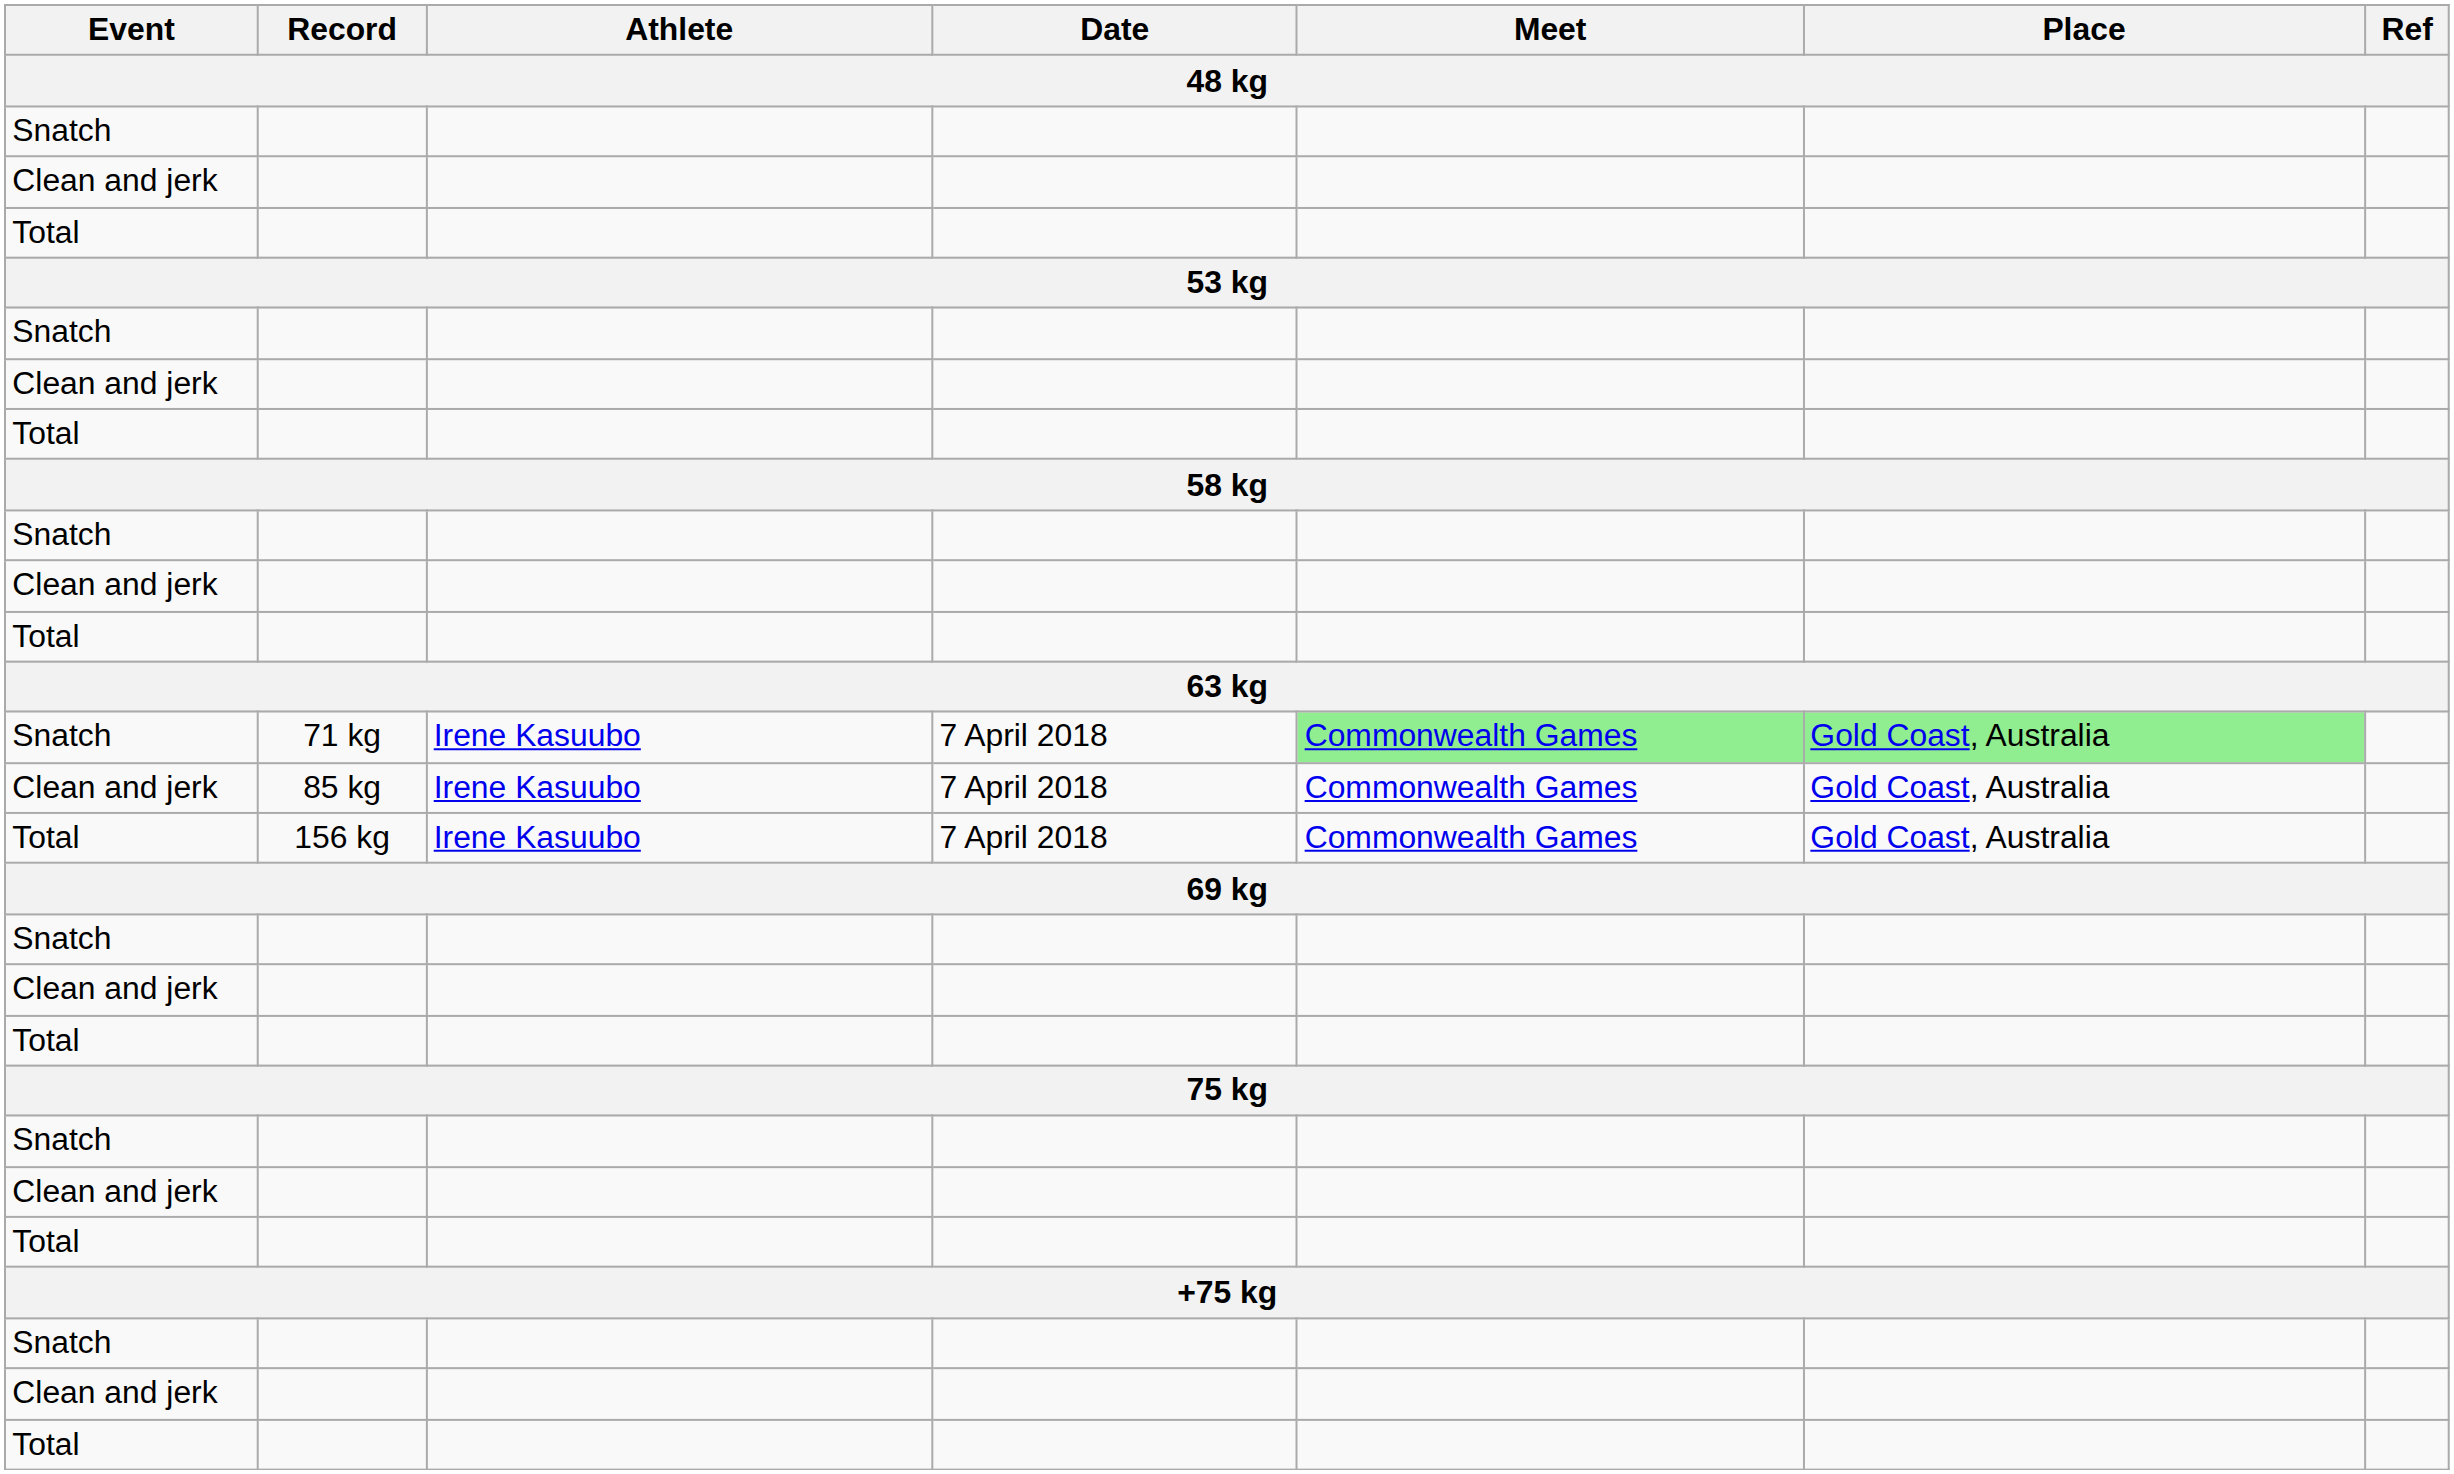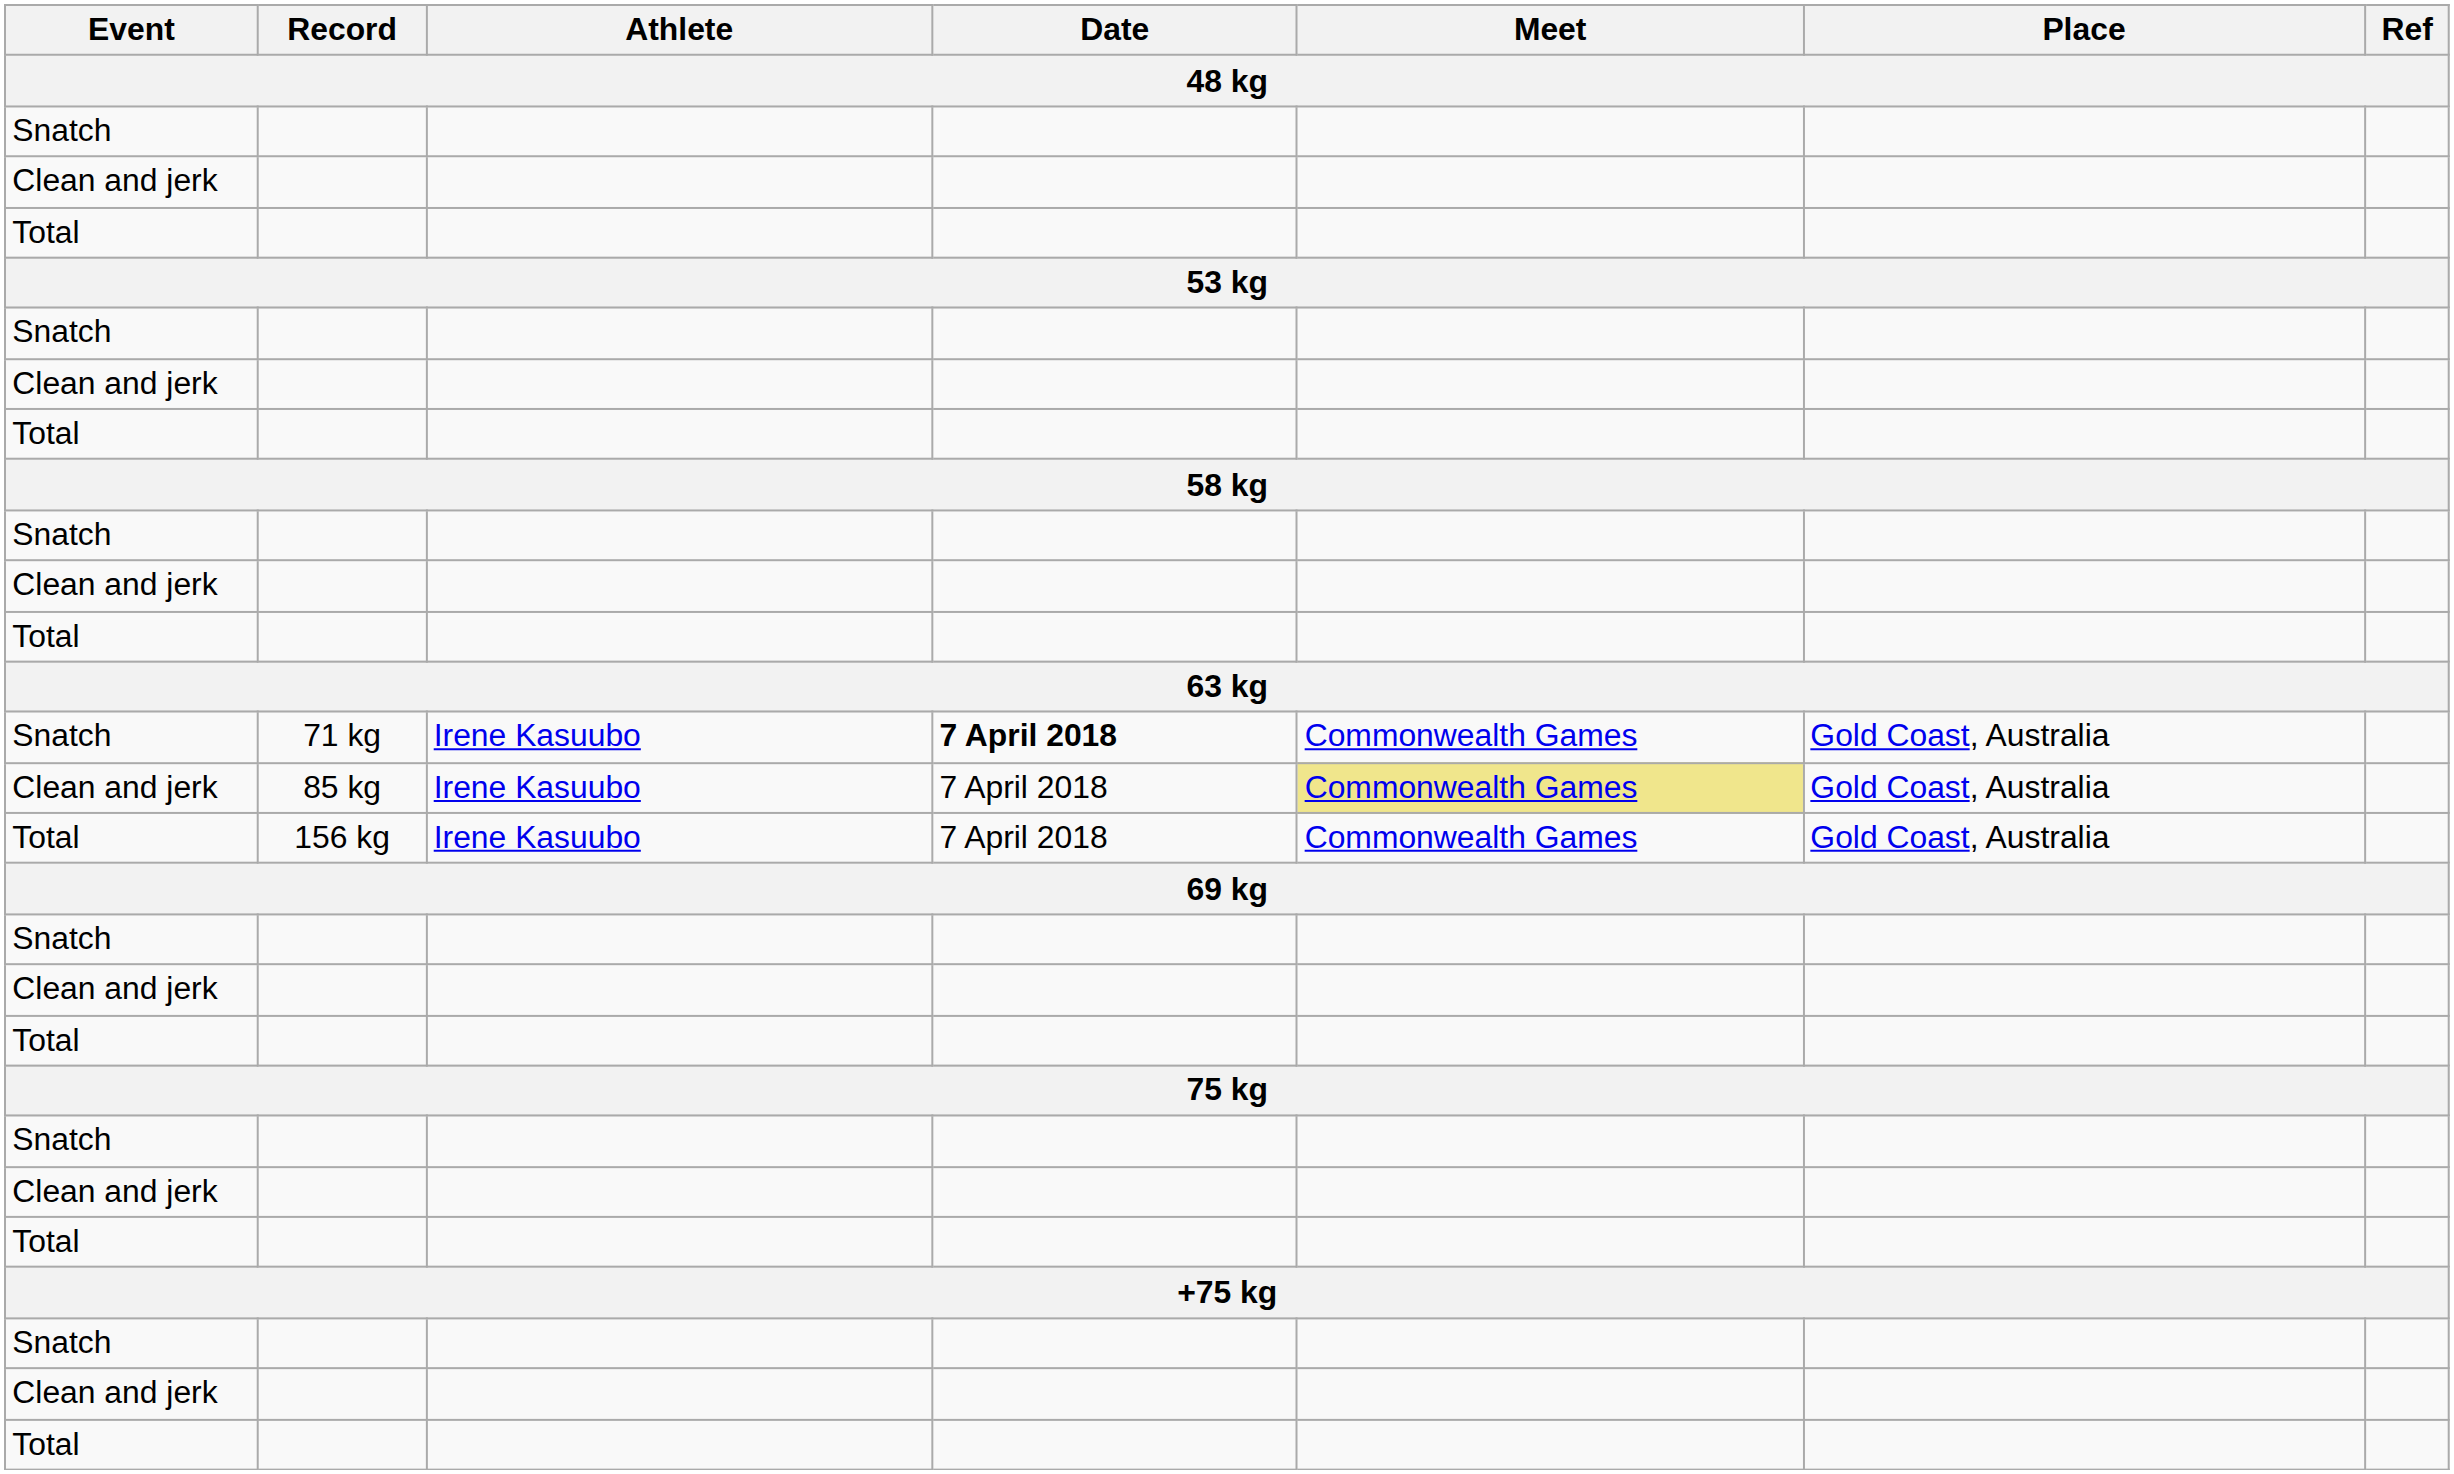 <table class="wikitable">
 <tr>
 <th width=9%>Event</th>
 <th width=6%>Record</th>
 <th width=18%>Athlete</th>
 <th width=13%>Date</th>
 <th width=18%>Meet</th>
 <th width=20%>Place</th>
 <th width=3%>Ref</th>
 </tr>
 <tr bgcolor="#DDDDDD">
 <th colspan="8">48 kg</th>
 </tr>
 <tr>
 <td>Snatch</td>
 <td></td>
 <td></td>
 <td></td>
 <td></td>
 <td></td>
 <td></td>
 </tr>
 <tr>
 <td>Clean and jerk</td>
 <td></td>
 <td></td>
 <td></td>
 <td></td>
 <td></td>
 <td></td>
 </tr>
 <tr>
 <td>Total</td>
 <td></td>
 <td></td>
 <td></td>
 <td></td>
 <td></td>
 <td></td>
 </tr>
 <tr bgcolor="#DDDDDD">
 <th colspan="8">53 kg</th>
 </tr>
 <tr>
 <td>Snatch</td>
 <td></td>
 <td></td>
 <td></td>
 <td></td>
 <td></td>
 <td></td>
 </tr>
 <tr>
 <td>Clean and jerk</td>
 <td align="center"></td>
 <td></td>
 <td></td>
 <td></td>
 <td></td>
 <td></td>
 </tr>
 <tr>
 <td>Total</td>
 <td></td>
 <td></td>
 <td></td>
 <td></td>
 <td></td>
 <td></td>
 </tr>
 <tr bgcolor="#DDDDDD">
 <th colspan="8">58 kg</th>
 </tr>
 <tr>
 <td>Snatch</td>
 <td></td>
 <td></td>
 <td></td>
 <td></td>
 <td></td>
 <td></td>
 </tr>
 <tr>
 <td>Clean and jerk</td>
 <td></td>
 <td></td>
 <td></td>
 <td></td>
 <td></td>
 <td></td>
 </tr>
 <tr>
 <td>Total</td>
 <td></td>
 <td></td>
 <td></td>
 <td></td>
 <td></td>
 <td></td>
 </tr>
 <tr bgcolor="#DDDDDD">
 <th colspan="8">63 kg</th>
 </tr>
 <tr>
 <td>Snatch</td>
 <td align="center">71 kg</td>
 <td><a href='#'>Irene Kasuubo</a></td>
-<td>7 April 2018</td>
-<td style="background: lightgreen;"><a href='#'>Commonwealth Games</a></td>
-<td style="background: lightgreen;"><a href='#'>Gold Coast</a>, Australia</td>
+<td><strong>7 April 2018</strong></td>
+<td><a href='#'>Commonwealth Games</a></td>
+<td><a href='#'>Gold Coast</a>, Australia</td>
 <td></td>
 </tr>
 <tr>
 <td>Clean and jerk</td>
 <td align="center">85 kg</td>
 <td><a href='#'>Irene Kasuubo</a></td>
 <td>7 April 2018</td>
-<td><a href='#'>Commonwealth Games</a></td>
+<td style="background: khaki;"><a href='#'>Commonwealth Games</a></td>
 <td><a href='#'>Gold Coast</a>, Australia</td>
 <td></td>
 </tr>
 <tr>
 <td>Total</td>
 <td align="center">156 kg</td>
 <td><a href='#'>Irene Kasuubo</a></td>
 <td>7 April 2018</td>
 <td><a href='#'>Commonwealth Games</a></td>
 <td><a href='#'>Gold Coast</a>, Australia</td>
 <td></td>
 </tr>
 <tr bgcolor="#DDDDDD">
 <th colspan="8">69 kg</th>
 </tr>
 <tr>
 <td>Snatch</td>
 <td></td>
 <td></td>
 <td></td>
 <td></td>
 <td></td>
 <td></td>
 </tr>
 <tr>
 <td>Clean and jerk</td>
 <td></td>
 <td></td>
 <td></td>
 <td></td>
 <td></td>
 <td></td>
 </tr>
 <tr>
 <td>Total</td>
 <td></td>
 <td></td>
 <td></td>
 <td></td>
 <td></td>
 <td></td>
 </tr>
 <tr bgcolor="#DDDDDD">
 <th colspan="8">75 kg</th>
 </tr>
 <tr>
 <td>Snatch</td>
 <td></td>
 <td></td>
 <td></td>
 <td></td>
 <td></td>
 <td></td>
 </tr>
 <tr>
 <td>Clean and jerk</td>
 <td></td>
 <td></td>
 <td></td>
 <td></td>
 <td></td>
 <td></td>
 </tr>
 <tr>
 <td>Total</td>
 <td></td>
 <td></td>
 <td></td>
 <td></td>
 <td></td>
 <td></td>
 </tr>
 <tr bgcolor="#DDDDDD">
 <th colspan="8">+75 kg</th>
 </tr>
 <tr>
 <td>Snatch</td>
 <td align="center"></td>
 <td></td>
 <td></td>
 <td></td>
 <td></td>
 <td></td>
 </tr>
 <tr>
 <td>Clean and jerk</td>
 <td></td>
 <td></td>
 <td></td>
 <td></td>
 <td></td>
 <td></td>
 </tr>
 <tr>
 <td>Total</td>
 <td align="center"></td>
 <td></td>
 <td></td>
 <td></td>
 <td></td>
 <td></td>
 </tr>
 </table>
